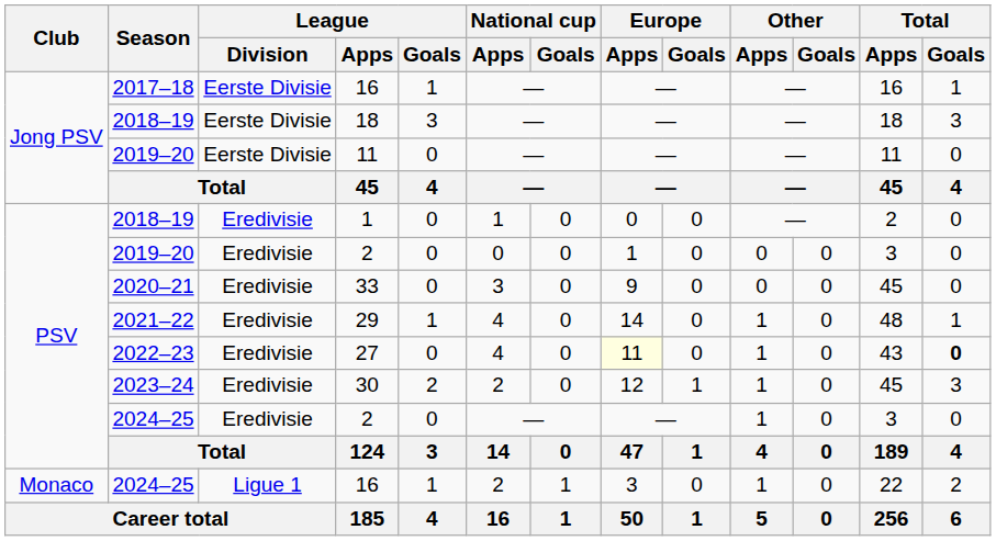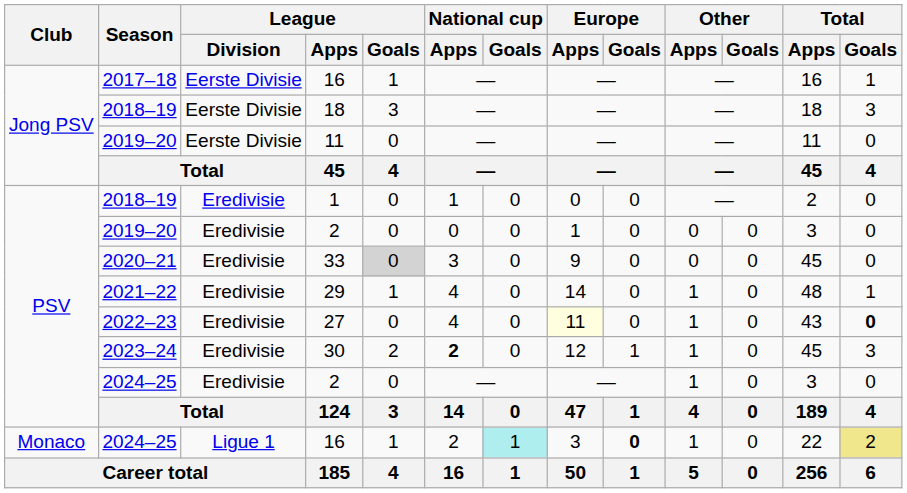 <table class="wikitable" style="text-align: center">
 <tr>
 <th rowspan="2">Club</th>
 <th rowspan="2">Season</th>
 <th colspan="3">League</th>
 <th colspan="2">National cup</th>
 <th colspan="2">Europe</th>
 <th colspan="2">Other</th>
 <th colspan="2">Total</th>
 </tr>
 <tr>
 <th>Division</th>
 <th>Apps</th>
 <th>Goals</th>
 <th>Apps</th>
 <th>Goals</th>
 <th>Apps</th>
 <th>Goals</th>
 <th>Apps</th>
 <th>Goals</th>
 <th>Apps</th>
 <th>Goals</th>
 </tr>
 <tr>
 <td rowspan="4"><a href='#'>Jong PSV</a></td>
 <td><a href='#'>2017–18</a></td>
 <td><a href='#'>Eerste Divisie</a></td>
 <td>16</td>
 <td>1</td>
 <td colspan="2">—</td>
 <td colspan="2">—</td>
 <td colspan="2">—</td>
 <td>16</td>
 <td>1</td>
 </tr>
 <tr>
 <td><a href='#'>2018–19</a></td>
 <td>Eerste Divisie</td>
 <td>18</td>
 <td>3</td>
 <td colspan="2">—</td>
 <td colspan="2">—</td>
 <td colspan="2">—</td>
 <td>18</td>
 <td>3</td>
 </tr>
 <tr>
 <td><a href='#'>2019–20</a></td>
 <td>Eerste Divisie</td>
 <td>11</td>
 <td>0</td>
 <td colspan="2">—</td>
 <td colspan="2">—</td>
 <td colspan="2">—</td>
 <td>11</td>
 <td>0</td>
 </tr>
 <tr>
 <th colspan="2">Total</th>
 <th>45</th>
 <th>4</th>
 <th colspan="2">—</th>
 <th colspan="2">—</th>
 <th colspan="2">—</th>
 <th>45</th>
 <th>4</th>
 </tr>
 <tr>
 <td rowspan="8"><a href='#'>PSV</a></td>
 <td><a href='#'>2018–19</a></td>
 <td><a href='#'>Eredivisie</a></td>
 <td>1</td>
 <td>0</td>
 <td>1</td>
 <td>0</td>
 <td>0</td>
 <td>0</td>
 <td colspan="2">—</td>
 <td>2</td>
 <td>0</td>
 </tr>
 <tr>
 <td><a href='#'>2019–20</a></td>
 <td>Eredivisie</td>
 <td>2</td>
 <td>0</td>
 <td>0</td>
 <td>0</td>
 <td>1</td>
 <td>0</td>
 <td>0</td>
 <td>0</td>
 <td>3</td>
 <td>0</td>
 </tr>
 <tr>
 <td><a href='#'>2020–21</a></td>
 <td>Eredivisie</td>
 <td>33</td>
-<td>0</td>
+<td style="background: lightgrey;">0</td>
 <td>3</td>
 <td>0</td>
 <td>9</td>
 <td>0</td>
 <td>0</td>
 <td>0</td>
 <td>45</td>
 <td>0</td>
 </tr>
 <tr>
 <td><a href='#'>2021–22</a></td>
 <td>Eredivisie</td>
 <td>29</td>
 <td>1</td>
 <td>4</td>
 <td>0</td>
 <td>14</td>
 <td>0</td>
 <td>1</td>
 <td>0</td>
 <td>48</td>
 <td>1</td>
 </tr>
 <tr>
 <td><a href='#'>2022–23</a></td>
 <td>Eredivisie</td>
 <td>27</td>
 <td>0</td>
 <td>4</td>
 <td>0</td>
 <td style="background: lightyellow;">11</td>
 <td>0</td>
 <td>1</td>
 <td>0</td>
 <td>43</td>
 <td><strong>0</strong></td>
 </tr>
 <tr>
 <td><a href='#'>2023–24</a></td>
 <td>Eredivisie</td>
 <td>30</td>
 <td>2</td>
-<td>2</td>
+<td><strong>2</strong></td>
 <td>0</td>
 <td>12</td>
 <td>1</td>
 <td>1</td>
 <td>0</td>
 <td>45</td>
 <td>3</td>
 </tr>
 <tr>
 <td><a href='#'>2024–25</a></td>
 <td>Eredivisie</td>
 <td>2</td>
 <td>0</td>
 <td colspan="2">—</td>
 <td colspan="2">—</td>
 <td>1</td>
 <td>0</td>
 <td>3</td>
 <td>0</td>
 </tr>
 <tr>
 <th colspan="2">Total</th>
 <th>124</th>
 <th>3</th>
 <th>14</th>
 <th>0</th>
 <th>47</th>
 <th>1</th>
 <th>4</th>
 <th>0</th>
 <th>189</th>
 <th>4</th>
 </tr>
 <tr>
 <td><a href='#'>Monaco</a></td>
 <td><a href='#'>2024–25</a></td>
 <td><a href='#'>Ligue 1</a></td>
 <td>16</td>
 <td>1</td>
 <td>2</td>
-<td>1</td>
+<td style="background: paleturquoise;">1</td>
 <td>3</td>
-<td>0</td>
+<td><strong>0</strong></td>
 <td>1</td>
 <td>0</td>
 <td>22</td>
-<td>2</td>
+<td style="background: khaki;">2</td>
 </tr>
 <tr>
 <th colspan="3">Career total</th>
 <th>185</th>
 <th>4</th>
 <th>16</th>
 <th>1</th>
 <th>50</th>
 <th>1</th>
 <th>5</th>
 <th>0</th>
 <th>256</th>
 <th>6</th>
 </tr>
 </table>
